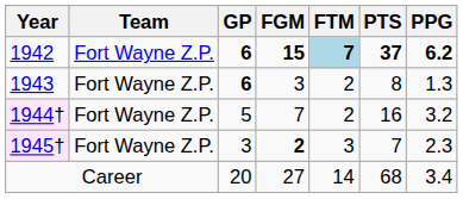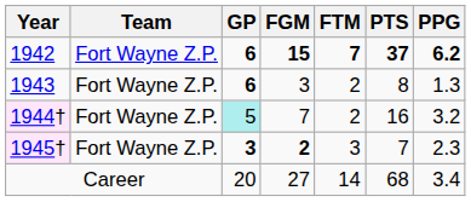 <table class="wikitable sortable" style="font-size:95%; text-align:right;">
 <tr>
 <th>Year</th>
 <th>Team</th>
 <th>GP</th>
 <th>FGM</th>
 <th>FTM</th>
 <th>PTS</th>
 <th>PPG</th>
 </tr>
 <tr>
 <td style="text-align:left;"><a href='#'>1942</a></td>
 <td style="text-align:left;"><a href='#'>Fort Wayne Z.P.</a></td>
 <td><strong>6</strong></td>
 <td><strong>15</strong></td>
-<td style="background: lightblue;"><strong>7</strong></td>
+<td><strong>7</strong></td>
 <td><strong>37</strong></td>
 <td><strong>6.2</strong></td>
 </tr>
 <tr>
 <td style="text-align:left;"><a href='#'>1943</a></td>
 <td style="text-align:left;">Fort Wayne Z.P.</td>
 <td><strong>6</strong></td>
 <td>3</td>
 <td>2</td>
 <td>8</td>
 <td>1.3</td>
 </tr>
 <tr>
 <td style="text-align:left;background:#ffe6fa;"><a href='#'>1944</a>†</td>
 <td style="text-align:left;">Fort Wayne Z.P.</td>
-<td>5</td>
+<td style="background: paleturquoise;">5</td>
 <td>7</td>
 <td>2</td>
 <td>16</td>
 <td>3.2</td>
 </tr>
 <tr>
 <td style="text-align:left;background:#ffe6fa;"><a href='#'>1945</a>†</td>
 <td style="text-align:left;">Fort Wayne Z.P.</td>
-<td>3</td>
+<td><strong>3</strong></td>
 <td><strong>2</strong></td>
 <td>3</td>
 <td>7</td>
 <td>2.3</td>
 </tr>
 <tr>
 <td style="text-align:center;" colspan="2">Career</td>
 <td>20</td>
 <td>27</td>
 <td>14</td>
 <td>68</td>
 <td>3.4</td>
 </tr>
 </table>
